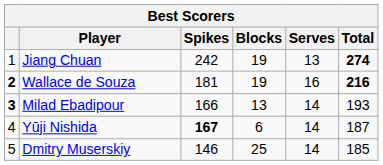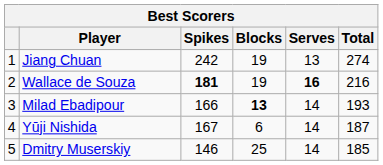 <table class="wikitable sortable" style=font-size:90%>
 <tr>
 <th colspan=6>Best Scorers</th>
 </tr>
 <tr>
 <th></th>
 <th width=158>Player</th>
 <th width=20>Spikes</th>
 <th width=20>Blocks</th>
 <th width=20>Serves</th>
 <th width=20>Total</th>
 </tr>
 <tr>
 <td>1</td>
 <td> <a href='#'>Jiang Chuan</a></td>
 <td align=center>242</td>
 <td align=center>19</td>
 <td align=center>13</td>
-<td align=center><strong>274</strong></td>
+<td align=center>274</td>
 </tr>
 <tr>
-<td><strong>2</strong></td>
+<td>2</td>
 <td> <a href='#'>Wallace de Souza</a></td>
-<td align=center>181</td>
+<td align=center><strong>181</strong></td>
 <td align=center>19</td>
-<td align=center>16</td>
-<td align=center><strong>216</strong></td>
+<td align=center><strong>16</strong></td>
+<td align=center>216</td>
 </tr>
 <tr>
-<td><strong>3</strong></td>
+<td>3</td>
 <td> <a href='#'>Milad Ebadipour</a></td>
 <td align=center>166</td>
-<td align=center>13</td>
+<td align=center><strong>13</strong></td>
 <td align=center>14</td>
 <td align=center>193</td>
 </tr>
 <tr>
 <td>4</td>
 <td> <a href='#'>Yūji Nishida</a></td>
-<td align=center><strong>167</strong></td>
+<td align=center>167</td>
 <td align=center>6</td>
 <td align=center>14</td>
 <td align=center>187</td>
 </tr>
 <tr>
 <td>5</td>
 <td> <a href='#'>Dmitry Muserskiy</a></td>
 <td align=center>146</td>
 <td align=center>25</td>
 <td align=center>14</td>
 <td align=center>185</td>
 </tr>
 </table>
